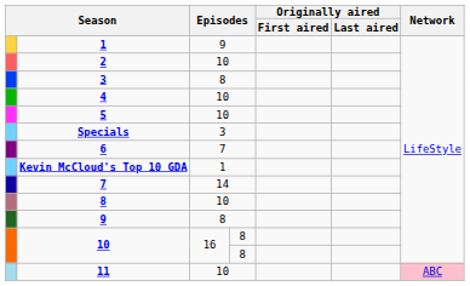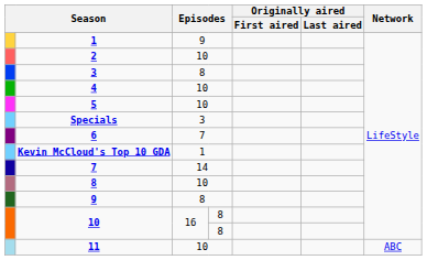 <table class="wikitable" style="text-align: center;">
 <tr>
 <th style="padding: 0 8px;" rowspan="2" colspan="2">Season</th>
 <th style="padding: 0 8px;" rowspan="2" colspan=2>Episodes</th>
 <th style="padding: 0 8px;" colspan="2">Originally aired</th>
 <th style="padding: 0 8px;" rowspan="2">Network</th>
 </tr>
 <tr>
 <th>First aired</th>
 <th>Last aired</th>
 </tr>
 <tr>
 <td style="background-color:#FFD43F; width:8px;"></td>
 <td><strong><a href='#'>1</a></strong></td>
 <td colspan=2>9</td>
 <td></td>
 <td></td>
 <td rowspan=13><a href='#'>LifeStyle</a></td>
 </tr>
 <tr>
 <td style="background-color:#FF5F5F; width:8px;"></td>
 <td><strong><a href='#'>2</a></strong></td>
 <td colspan=2>10</td>
 <td></td>
 <td></td>
 </tr>
 <tr>
 <td style="background-color:#003DF3; width:8px;"></td>
 <td><strong><a href='#'>3</a></strong></td>
 <td colspan=2>8</td>
 <td></td>
 <td></td>
 </tr>
 <tr>
 <td style="background-color:#04B404; width:8px;"></td>
 <td><strong><a href='#'>4</a></strong></td>
 <td colspan=2>10</td>
 <td></td>
 <td></td>
 </tr>
 <tr>
 <td style="background-color:#FF31F9; width:8px;"></td>
 <td><strong><a href='#'>5</a></strong></td>
 <td colspan=2>10</td>
 <td></td>
 <td></td>
 </tr>
 <tr>
 <td style="background-color:#70D0FF; width:8px;"></td>
 <td><strong><a href='#'>Specials</a></strong></td>
 <td colspan=2>3</td>
 <td></td>
 <td></td>
 </tr>
 <tr>
 <td style="background-color:#800080; width:8px;"></td>
 <td><strong><a href='#'>6</a></strong></td>
 <td colspan=2>7</td>
 <td></td>
 <td></td>
 </tr>
 <tr>
 <td style="background-color:#70D0FF; width:8px;"></td>
 <td><strong><a href='#'>Kevin McCloud's Top 10 GDA</a></strong></td>
 <td colspan=2>1</td>
 <td></td>
 <td></td>
 </tr>
 <tr>
 <td style="background-color:#1000A0; width:8px;"></td>
 <td><strong><a href='#'>7</a></strong></td>
 <td colspan=2>14</td>
 <td></td>
 <td></td>
 </tr>
 <tr>
 <td style="background-color:#B36C80; width:8px;"></td>
 <td><strong><a href='#'>8</a></strong></td>
 <td colspan=2>10</td>
 <td></td>
 <td></td>
 </tr>
 <tr>
 <td style="background-color:#21661F; width:8px;"></td>
 <td><strong><a href='#'>9</a></strong></td>
 <td colspan=2>8</td>
 <td></td>
 <td></td>
 </tr>
 <tr>
 <td rowspan=2 style="background-color:#FB6900; width:8px;"></td>
 <td rowspan=2><strong><a href='#'>10</a></strong></td>
 <td rowspan=2>16</td>
 <td>8</td>
 <td></td>
 <td></td>
 </tr>
 <tr>
 <td>8</td>
 <td></td>
 <td></td>
 </tr>
 <tr>
 <td style="background-color:#A4DDED; width:8px;"></td>
 <td><strong><a href='#'>11</a></strong></td>
 <td colspan=2>10</td>
 <td></td>
 <td></td>
-<td style="background: pink;"><a href='#'>ABC</a></td>
+<td><a href='#'>ABC</a></td>
 </tr>
 </table>
